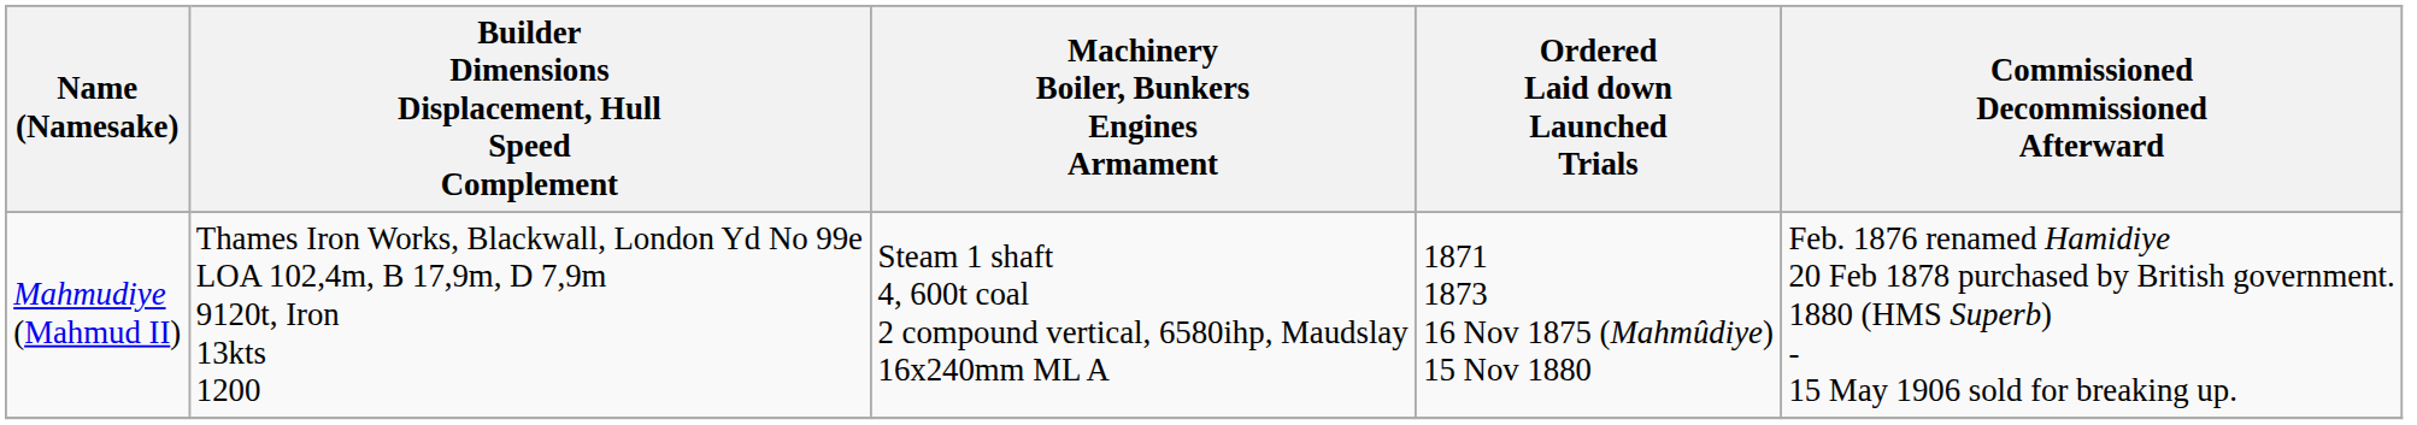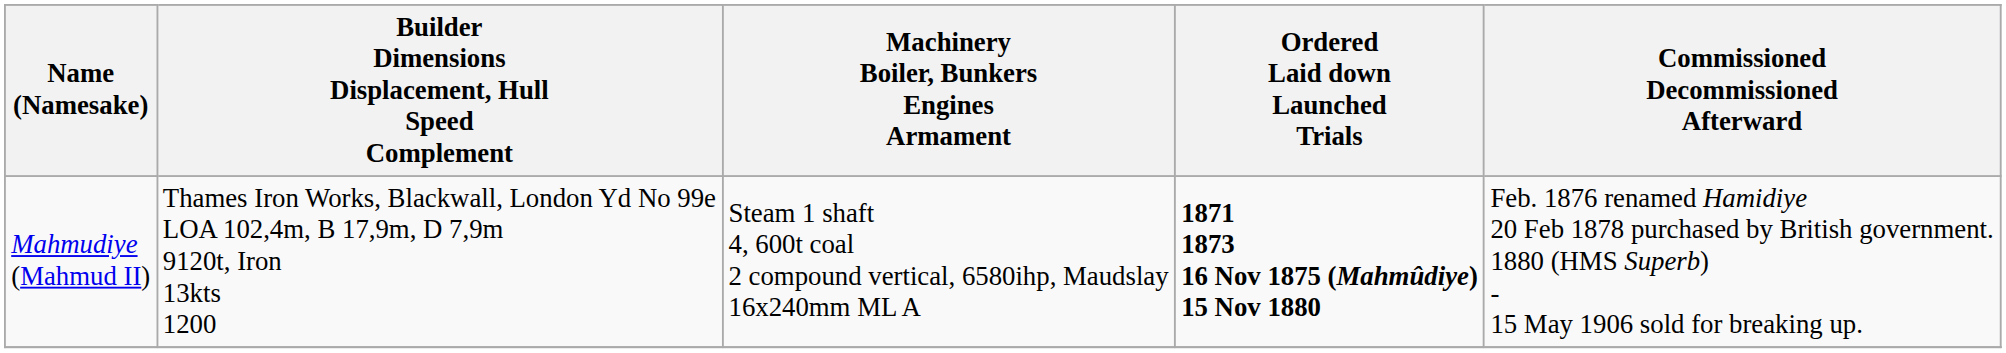 <table class="wikitable" style="font-size:90%;">
 <tr bgcolor="#e6e9ff">
 <th>Name<br>(Namesake)</th>
 <th>Builder<br>Dimensions<br>Displacement, Hull<br>Speed<br>Complement</th>
 <th>Machinery<br>Boiler, Bunkers<br>Engines<br>Armament</th>
 <th>Ordered<br>Laid down<br>Launched<br>Trials</th>
 <th>Commissioned<br>Decommissioned<br>Afterward</th>
 </tr>
 <tr ---->
 <td><a href='#'><em>Mahmudiye</em></a><br>(<a href='#'>Mahmud II</a>)</td>
 <td> Thames Iron Works, Blackwall, London Yd No 99e<br>LOA 102,4m, B 17,9m, D 7,9m<br>9120t, Iron<br>13kts<br>1200</td>
 <td>Steam 1 shaft<br>4, 600t coal<br>2 compound vertical, 6580ihp, Maudslay<br>16x240mm ML A</td>
-<td>1871<br>1873<br>16 Nov 1875 (<em>Mahmûdiye</em>)<br>15 Nov 1880</td>
+<td><strong>1871<br>1873<br>16 Nov 1875 (<em>Mahmûdiye</em>)<br>15 Nov 1880</strong></td>
 <td>Feb. 1876 renamed <em>Hamidiye</em><br>20 Feb 1878 purchased by British government.<br> 1880 (HMS <em>Superb</em>)<br>-<br>15 May 1906 sold for breaking up.</td>
 </tr>
 <tr ---->
 </tr>
 </table>
